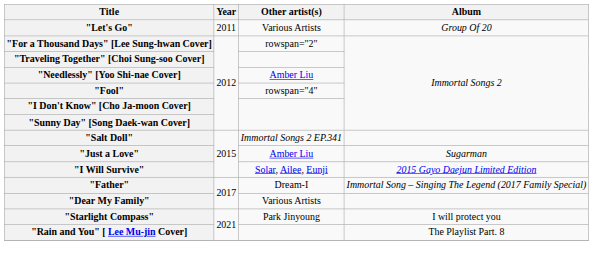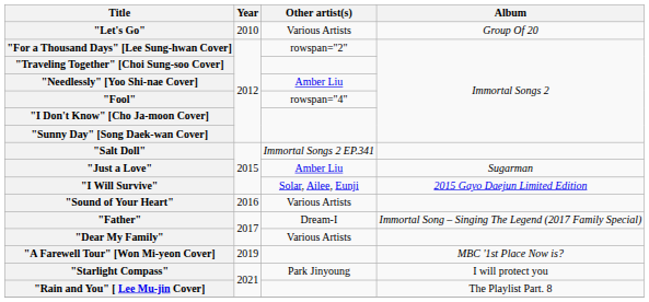 <table class="wikitable plainrowheaders" style="text-align:center; table-layout:fixed; margin-right:0">
 <tr>
 <th>Title</th>
 <th>Year</th>
 <th>Other artist(s)</th>
 <th>Album</th>
 </tr>
 <tr>
 <th scope=row>"Let's Go"</th>
-<td>2011</td>
+<td>2010</td>
 <td>Various Artists</td>
 <td><em>Group Of 20</em></td>
 </tr>
 <tr>
 <th scope=row>"For a Thousand Days"  [Lee Sung-hwan Cover]</th>
 <td rowspan="6">2012</td>
 <td>rowspan="2" </td>
 <td rowspan="6"><em>Immortal Songs 2</em></td>
 </tr>
 <tr>
 <th scope=row>"Traveling Together"  [Choi Sung-soo Cover]</th>
 </tr>
 <tr>
 <th scope=row>"Needlessly"  [Yoo Shi-nae Cover]</th>
 <td><a href='#'>Amber Liu</a></td>
 </tr>
 <tr>
 <th scope=row>"Fool" </th>
 <td>rowspan="4" </td>
 </tr>
 <tr>
 <th scope=row>"I Don't Know"  [Cho Ja-moon Cover]</th>
 </tr>
 <tr>
 <th scope=row>"Sunny Day"  [Song Daek-wan Cover]</th>
 </tr>
 <tr>
 <th scope=row>"Salt Doll" </th>
 <td rowspan="3">2015</td>
 <td><em>Immortal Songs 2 EP.341</em></td>
 </tr>
 <tr>
 <th scope=row>"Just a Love" </th>
 <td><a href='#'>Amber Liu</a></td>
 <td><em>Sugarman</em></td>
 </tr>
 <tr>
 <th scope=row>"I Will Survive"</th>
 <td><a href='#'>Solar</a>, <a href='#'>Ailee</a>, <a href='#'>Eunji</a></td>
 <td><em><a href='#'>2015 Gayo Daejun Limited Edition</a></em></td>
 </tr>
 <tr>
+<th scope=row>"Sound of Your Heart" </th>
+<td>2016</td>
+<td>Various Artists</td>
+<td></td>
+</tr>
+<tr>
 <th scope=row>"Father" </th>
 <td rowspan="2">2017</td>
 <td>Dream-I</td>
 <td><em>Immortal Song – Singing The Legend (2017 Family Special)</em></td>
 </tr>
 <tr>
 <th scope=row>"Dear My Family"<br></th>
 <td>Various Artists</td>
 <td></td>
+</tr>
+<tr>
+<th scope=row>"A Farewell Tour"  [Won Mi-yeon Cover]</th>
+<td>2019</td>
+<td></td>
+<td><em>MBC '1st Place Now is?<strong></td>
 </tr>
 <tr>
 <th scope=row>"Starlight Compass" </th>
 <td rowspan="2">2021</td>
 <td>Park Jinyoung</td>
 <td></em>I will protect you<em></td>
 </tr>
 <tr>
 <th scope=row>"Rain and You"  [ <a href='#'>Lee Mu-jin</a> Cover]</th>
 <td></td>
 <td></em>The Playlist Part. 8<em></td>
 </tr>
 <tr>
 </tr>
 </table>
